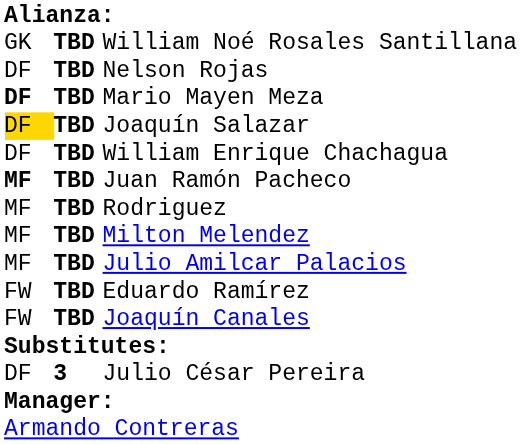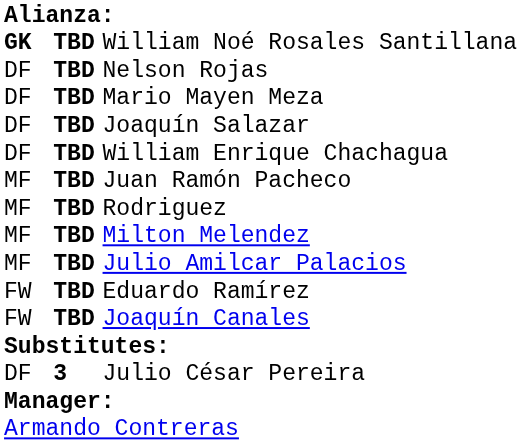 <table style="font-size: 90%" cellspacing="0" cellpadding="0" align=right>
 <tr>
 <td colspan="4"><strong>Alianza:</strong></td>
 </tr>
 <tr>
 <th width="25"></th>
 <th width="25"></th>
 </tr>
 <tr>
-<td>GK</td>
+<td><strong>GK</strong></td>
 <td><strong>TBD</strong></td>
 <td> William Noé Rosales Santillana</td>
 </tr>
 <tr>
 <td>DF</td>
 <td><strong>TBD</strong></td>
 <td> Nelson Rojas</td>
 </tr>
 <tr>
-<td><strong>DF</strong></td>
+<td>DF</td>
 <td><strong>TBD</strong></td>
 <td> Mario Mayen Meza</td>
 </tr>
 <tr>
-<td style="background: gold;">DF</td>
+<td>DF</td>
 <td><strong>TBD</strong></td>
 <td>  Joaquín Salazar</td>
 </tr>
 <tr>
 <td>DF</td>
 <td><strong>TBD</strong></td>
 <td> William Enrique Chachagua</td>
 </tr>
 <tr>
-<td><strong>MF</strong></td>
+<td>MF</td>
 <td><strong>TBD</strong></td>
 <td> Juan Ramón Pacheco</td>
 </tr>
 <tr>
 <td>MF</td>
 <td><strong>TBD</strong></td>
 <td> Rodriguez</td>
 </tr>
 <tr>
 <td>MF</td>
 <td><strong>TBD</strong></td>
 <td> <a href='#'>Milton Melendez</a></td>
 </tr>
 <tr>
 <td>MF</td>
 <td><strong>TBD</strong></td>
 <td> <a href='#'>Julio Amilcar Palacios</a></td>
 </tr>
 <tr>
 <td>FW</td>
 <td><strong>TBD</strong></td>
 <td> Eduardo Ramírez</td>
 </tr>
 <tr>
 <td>FW</td>
 <td><strong>TBD</strong></td>
 <td> <a href='#'>Joaquín Canales</a></td>
 </tr>
 <tr>
 <td colspan=3><strong>Substitutes:</strong></td>
 </tr>
 <tr>
 <td>DF</td>
 <td><strong>3</strong></td>
 <td> Julio César Pereira</td>
 </tr>
 <tr>
 <td colspan=3><strong>Manager:</strong></td>
 </tr>
 <tr>
 <td colspan=4> <a href='#'>Armando Contreras</a></td>
 </tr>
 </table>
